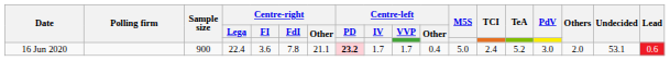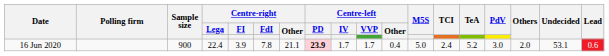 <table class=wikitable style="text-align:center;font-size:85%;line-height:13px">
 <tr style="height:30px; background-color:#E9E9E9">
 <th style="width:110px;" rowspan="3">Date</th>
 <th style="width:140px;" rowspan="3">Polling firm</th>
 <th style="width:50px;" rowspan="3">Sample size</th>
 <th colspan="4" style="width:35px;"><a href='#'>Centre-right</a></th>
 <th colspan="4" style="width:35px;"><a href='#'>Centre-left</a></th>
 <th rowspan="2" style="width:35px;"><a href='#'>M5S</a></th>
 <th rowspan="2" style="width:35px;">TCI</th>
 <th rowspan="2" style="width:35px;">TeA</th>
 <th rowspan="2" style="width:35px;"><a href='#'>PdV</a></th>
 <th style="width:35px;" rowspan="3">Others</th>
 <th style="width:35px;" rowspan="3">Undecided</th>
 <th style="width:25px;" rowspan="3">Lead</th>
 </tr>
 <tr>
 <th style="width:35px;"><a href='#'>Lega</a></th>
 <th style="width:35px;"><a href='#'>FI</a></th>
 <th style="width:35px;"><a href='#'>FdI</a></th>
 <th rowspan="2" style="width:35px;">Other</th>
 <th style="width:35px;"><a href='#'>PD</a></th>
 <th style="width:35px;"><a href='#'>IV</a></th>
 <th style="width:35px;"><a href='#'>VVP</a></th>
 <th rowspan="2" style="width:35px;">Other</th>
 </tr>
 <tr>
 <th style="background:"></th>
 <th style="background:"></th>
 <th style="background:"></th>
 <th style="background:"></th>
 <th style="background:"></th>
 <th style="background:#44A438;"></th>
 <th style="background:"></th>
 <th style="background:#E57022;"></th>
 <th style="background:#80BC00;"></th>
 <th style="background:#FAED00;"></th>
 </tr>
 <tr>
 <td>16 Jun 2020</td>
 <td></td>
 <td>900</td>
 <td>22.4</td>
-<td>3.6</td>
+<td>3.9</td>
 <td>7.8</td>
 <td>21.1</td>
-<td style="background:#FFD0D7"><strong>23.2</strong></td>
+<td style="background:#FFD0D7"><strong>23.9</strong></td>
 <td>1.7</td>
 <td>1.7</td>
 <td>0.4</td>
 <td>5.0</td>
 <td>2.4</td>
 <td>5.2</td>
 <td>3.0</td>
 <td>2.0</td>
 <td>53.1</td>
 <td style="background:#EF1C27; color:white;">0.6</td>
 </tr>
 </table>
